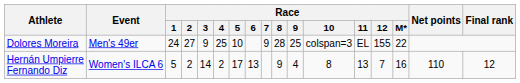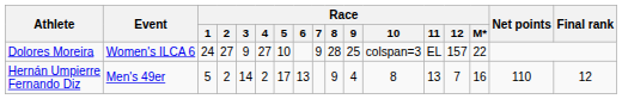 <table class="wikitable" style="font-size:90%">
 <tr>
 <th rowspan="2">Athlete</th>
 <th rowspan="2">Event</th>
 <th colspan=13>Race</th>
 <th rowspan=2>Net points</th>
 <th rowspan=2>Final rank</th>
 </tr>
 <tr style="font-size:95%">
 <th>1</th>
 <th>2</th>
 <th>3</th>
 <th>4</th>
 <th>5</th>
 <th>6</th>
 <th>7</th>
 <th>8</th>
 <th>9</th>
 <th>10</th>
 <th>11</th>
 <th>12</th>
 <th>M*</th>
 </tr>
 <tr align=center>
 <td align=left><a href='#'>Dolores Moreira</a></td>
-<td align=left><a href='#'>Men's 49er</a></td>
+<td align=left><a href='#'>Women's ILCA 6</a></td>
 <td>24</td>
 <td>27</td>
 <td>9</td>
-<td>25</td>
+<td>27</td>
 <td>10</td>
 <td></td>
 <td>9</td>
 <td>28</td>
 <td>25</td>
 <td>colspan=3 </td>
 <td>EL</td>
-<td>155</td>
+<td>157</td>
 <td>22</td>
 </tr>
 <tr align=center>
 <td align=left><a href='#'>Hernán Umpierre</a><br><a href='#'>Fernando Diz</a></td>
-<td align=left><a href='#'>Women's ILCA 6</a></td>
+<td align=left><a href='#'>Men's 49er</a></td>
 <td>5</td>
 <td>2</td>
 <td>14</td>
 <td>2</td>
 <td>17</td>
 <td>13</td>
 <td></td>
 <td>9</td>
 <td>4</td>
 <td>8</td>
 <td>13</td>
 <td>7</td>
 <td>16</td>
 <td>110</td>
 <td>12</td>
 </tr>
 </table>
